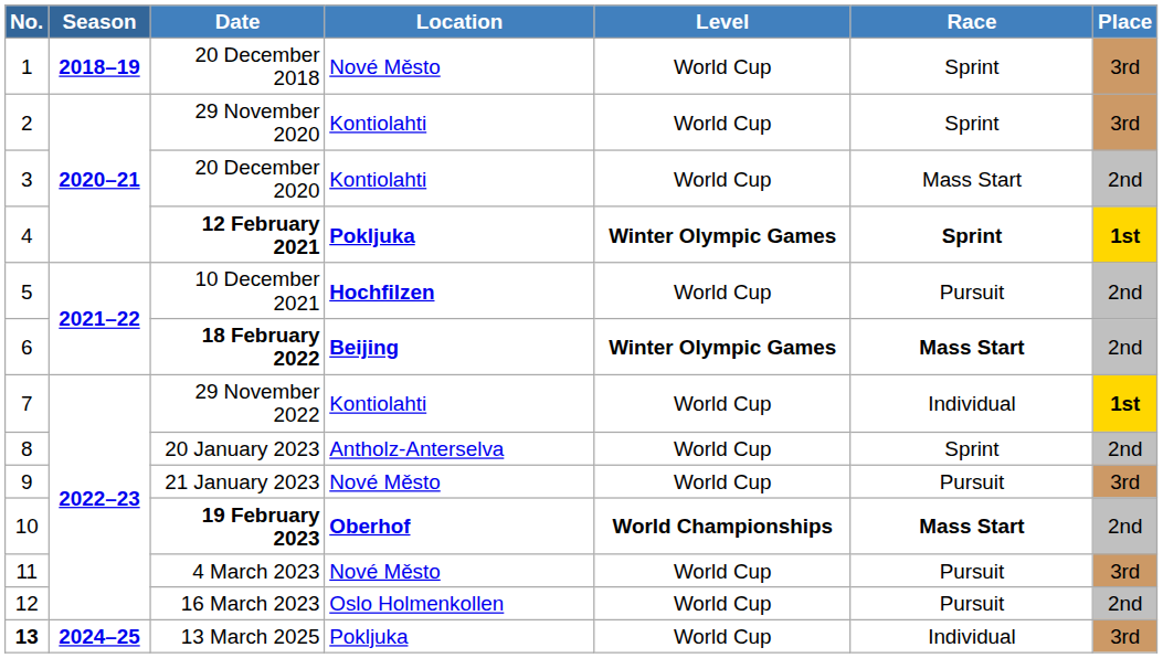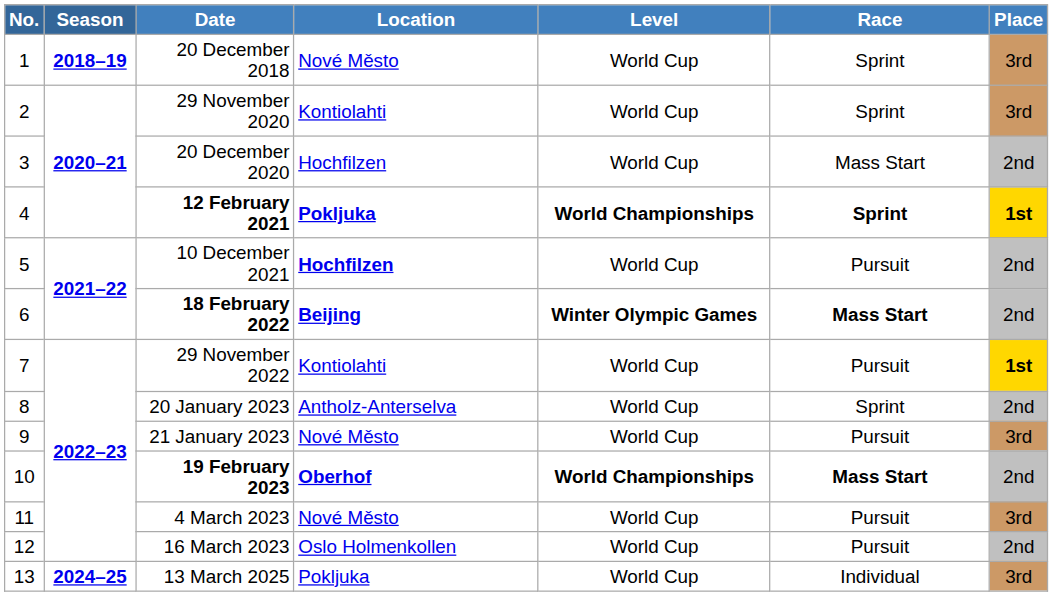 <table class="wikitable sortable" style="font-size:95%; text-align:center; border:grey solid 1px; border-collapse:collapse; background:#ffffff;">
 <tr style="background:#efefef;">
 <th style="background-color:#369; color:white;">No.</th>
 <th style="background-color:#369; color:white;">Season</th>
 <th style="background-color:#4180be; color:white; width:120px;">Date</th>
 <th style="background-color:#4180be; color:white; width:190px;">Location</th>
 <th style="background-color:#4180be; color:white; width:180px;">Level</th>
 <th style="background-color:#4180be; color:white; width:170px;">Race</th>
 <th style="background-color:#4180be; color:white;">Place</th>
 </tr>
 <tr>
 <td align=center>1</td>
 <td rowspan="1" align="center"><strong> <a href='#'>2018–19</a> </strong></td>
 <td align=right>20 December 2018</td>
 <td align=left> <a href='#'>Nové Město</a></td>
 <td>World Cup</td>
 <td>Sprint</td>
 <td bgcolor="cc9966">3rd</td>
 </tr>
 <tr>
 <td align=center>2</td>
 <td rowspan="3" align="center"><strong> <a href='#'>2020–21</a> </strong></td>
 <td align=right>29 November 2020</td>
 <td align=left> <a href='#'>Kontiolahti</a></td>
 <td>World Cup</td>
 <td>Sprint</td>
 <td bgcolor="cc9966">3rd</td>
 </tr>
 <tr>
 <td align=center>3</td>
 <td align=right>20 December 2020</td>
-<td align=left> <a href='#'>Kontiolahti</a></td>
+<td align=left> <a href='#'>Hochfilzen</a></td>
 <td>World Cup</td>
 <td>Mass Start</td>
 <td bgcolor="silver">2nd</td>
 </tr>
 <tr>
 <td align=center>4</td>
 <td align=right><strong>12 February 2021</strong></td>
 <td align=left> <strong><a href='#'>Pokljuka</a></strong></td>
-<td><strong>Winter Olympic Games</strong></td>
+<td><strong>World Championships</strong></td>
 <td><strong>Sprint</strong></td>
 <td bgcolor="gold"><strong>1st</strong></td>
 </tr>
 <tr>
 <td align=center>5</td>
 <td rowspan="2" align="center"><strong> <a href='#'>2021–22</a> </strong></td>
 <td align=right>10 December 2021</td>
 <td align=left><strong> <a href='#'>Hochfilzen</a></strong></td>
 <td>World Cup</td>
 <td>Pursuit</td>
 <td bgcolor="silver">2nd</td>
 </tr>
 <tr>
 <td align=center>6</td>
 <td align=right><strong>18 February 2022</strong></td>
 <td align=left> <strong><a href='#'>Beijing</a></strong></td>
 <td><strong>Winter Olympic Games</strong></td>
 <td><strong>Mass Start</strong></td>
 <td bgcolor="silver">2nd</td>
 </tr>
 <tr>
 <td align=center>7</td>
 <td rowspan="6" align="center"><strong> <a href='#'>2022–23</a> </strong></td>
 <td align=right>29 November 2022</td>
 <td align=left> <a href='#'>Kontiolahti</a></td>
 <td>World Cup</td>
-<td>Individual</td>
+<td>Pursuit</td>
 <td bgcolor="gold"><strong>1st</strong></td>
 </tr>
 <tr>
 <td>8</td>
 <td align=right>20 January 2023</td>
 <td align=left> <a href='#'>Antholz-Anterselva</a></td>
 <td>World Cup</td>
 <td>Sprint</td>
 <td bgcolor="silver">2nd</td>
 </tr>
 <tr>
 <td>9</td>
 <td align=right>21 January 2023</td>
 <td align=left> <a href='#'>Nové Město</a></td>
 <td>World Cup</td>
 <td>Pursuit</td>
 <td bgcolor="cc9966">3rd</td>
 </tr>
 <tr>
 <td>10</td>
 <td align=right><strong>19 February 2023</strong></td>
 <td align=left> <strong><a href='#'>Oberhof</a></strong></td>
 <td><strong>World Championships</strong></td>
 <td><strong>Mass Start</strong></td>
 <td bgcolor="silver">2nd</td>
 </tr>
 <tr>
 <td>11</td>
 <td align=right>4 March 2023</td>
 <td align=left> <a href='#'>Nové Město</a></td>
 <td>World Cup</td>
 <td>Pursuit</td>
 <td bgcolor="cc9966">3rd</td>
 </tr>
 <tr>
 <td>12</td>
 <td align=right>16 March 2023</td>
 <td align=left> <a href='#'>Oslo Holmenkollen</a></td>
 <td>World Cup</td>
 <td>Pursuit</td>
 <td bgcolor="silver">2nd</td>
 </tr>
 <tr>
-<td align=center><strong>13</strong></td>
+<td align=center>13</td>
 <td rowspan="6" align="center"><strong> <a href='#'>2024–25</a> </strong></td>
 <td align=right>13 March 2025</td>
 <td align=left> <a href='#'>Pokljuka</a></td>
 <td>World Cup</td>
 <td>Individual</td>
 <td bgcolor="cc9966">3rd</td>
 </tr>
 </table>
